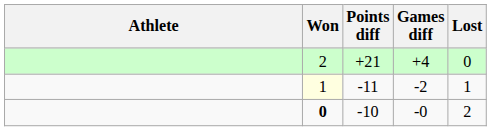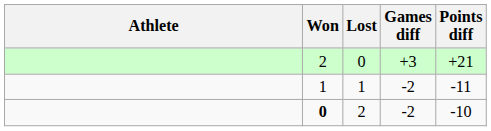 <table class="wikitable">
 <tr>
 <th style="width:18em">Athlete</th>
 <th>Won</th>
+<th>Lost</th>
+<th>Games<br>diff</th>
 <th>Points<br>diff</th>
-<th>Games<br>diff</th>
-<th>Lost</th>
 </tr>
 <tr bgcolor="#ccffcc">
 <td></td>
 <td align="center">2</td>
+<td align="center">0</td>
+<td align="center">+3</td>
 <td align="center">+21</td>
-<td align="center">+4</td>
-<td align="center">0</td>
 </tr>
 <tr>
 <td></td>
-<td align="center" style="background: lightyellow;">1</td>
+<td align="center">1</td>
+<td align="center">1</td>
+<td align="center">-2</td>
 <td align="center">-11</td>
-<td align="center">-2</td>
-<td align="center">1</td>
 </tr>
 <tr>
 <td></td>
 <td align="center"><strong>0</strong></td>
+<td align="center">2</td>
+<td align="center">-2</td>
 <td align="center">-10</td>
-<td align="center">-0</td>
-<td align="center">2</td>
 </tr>
 </table>
